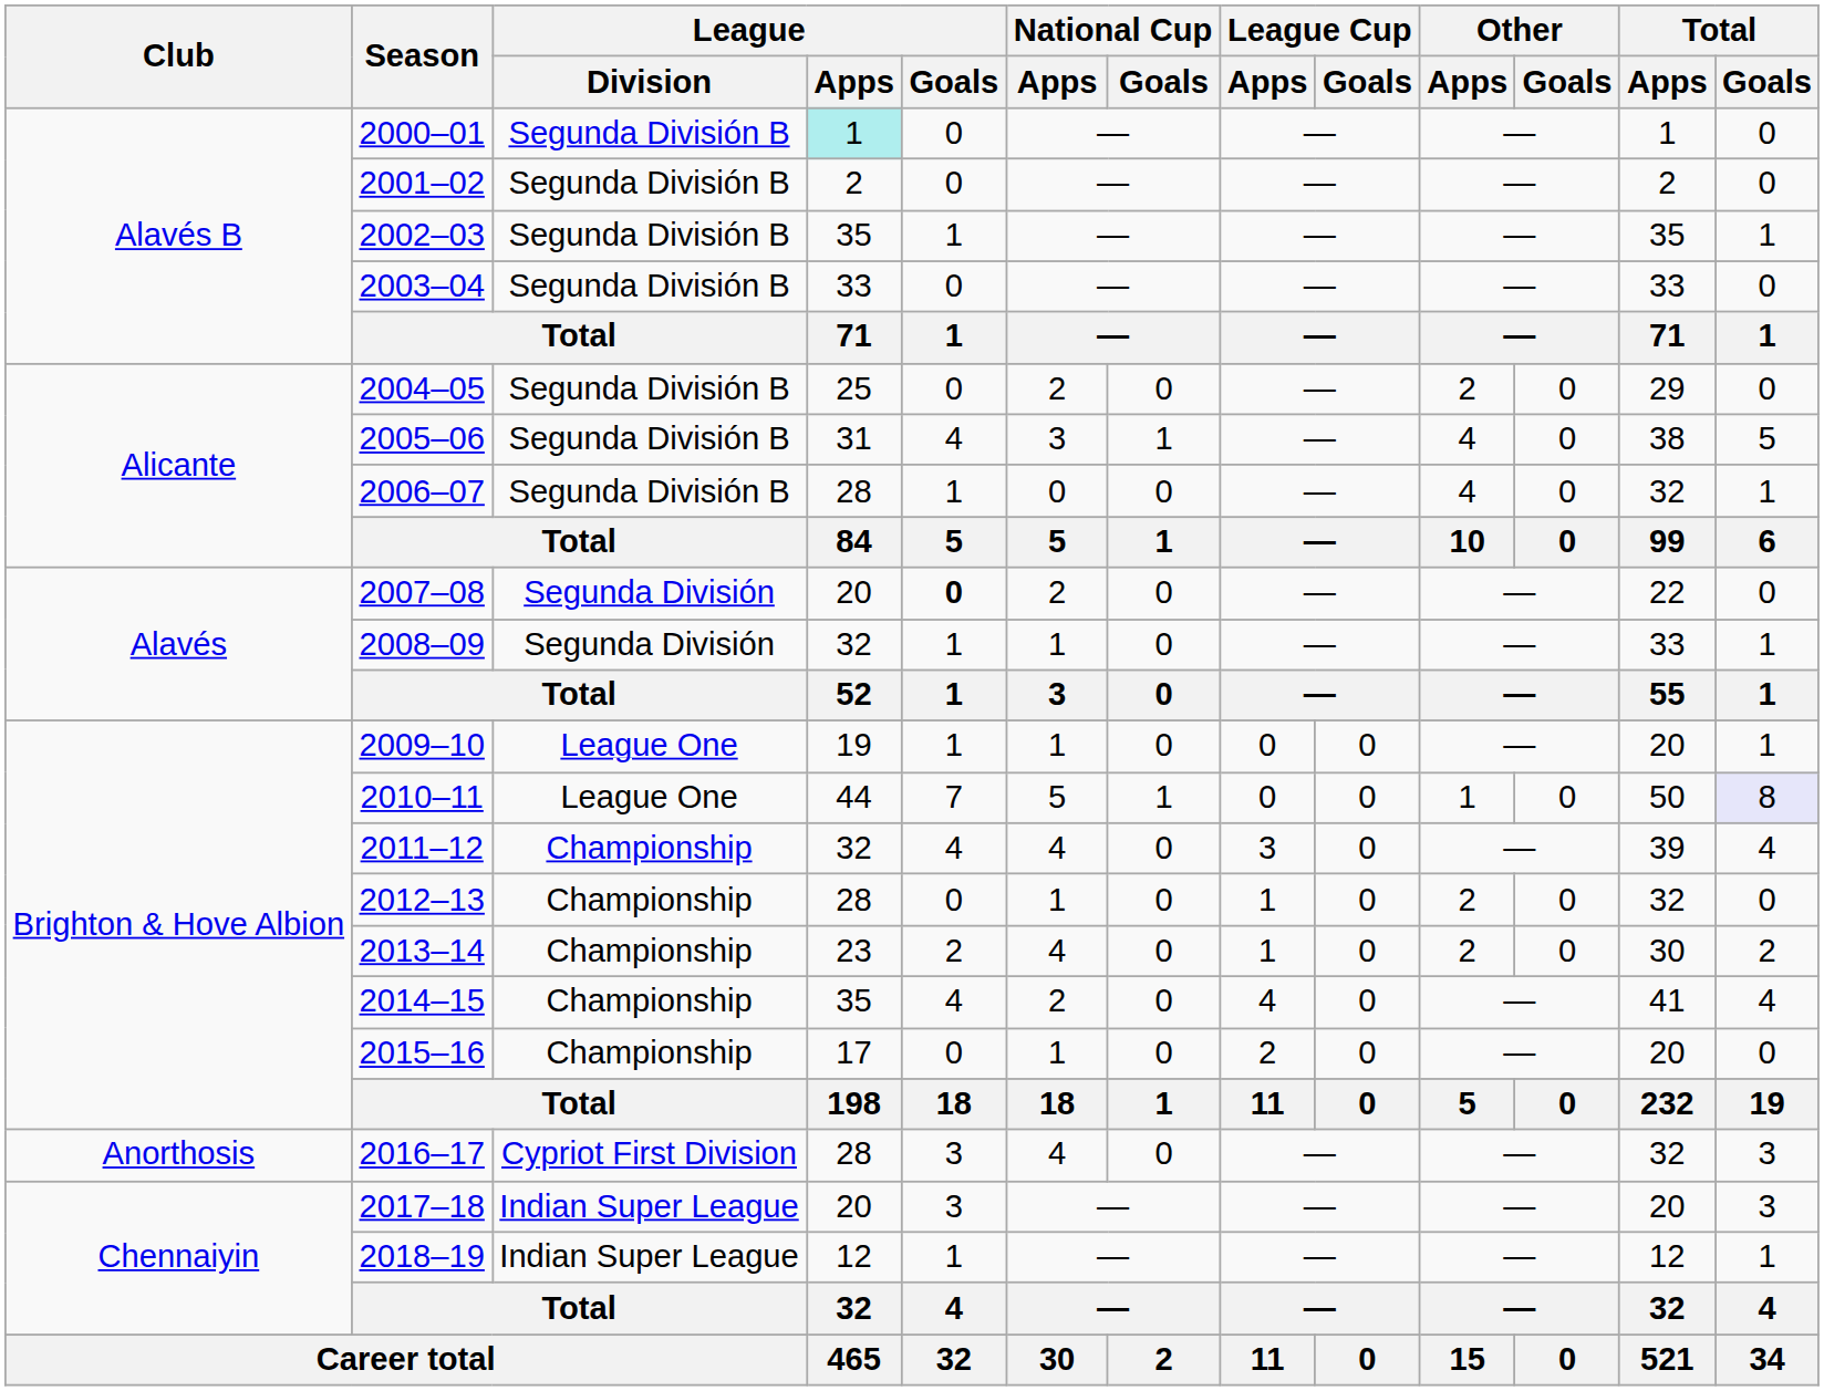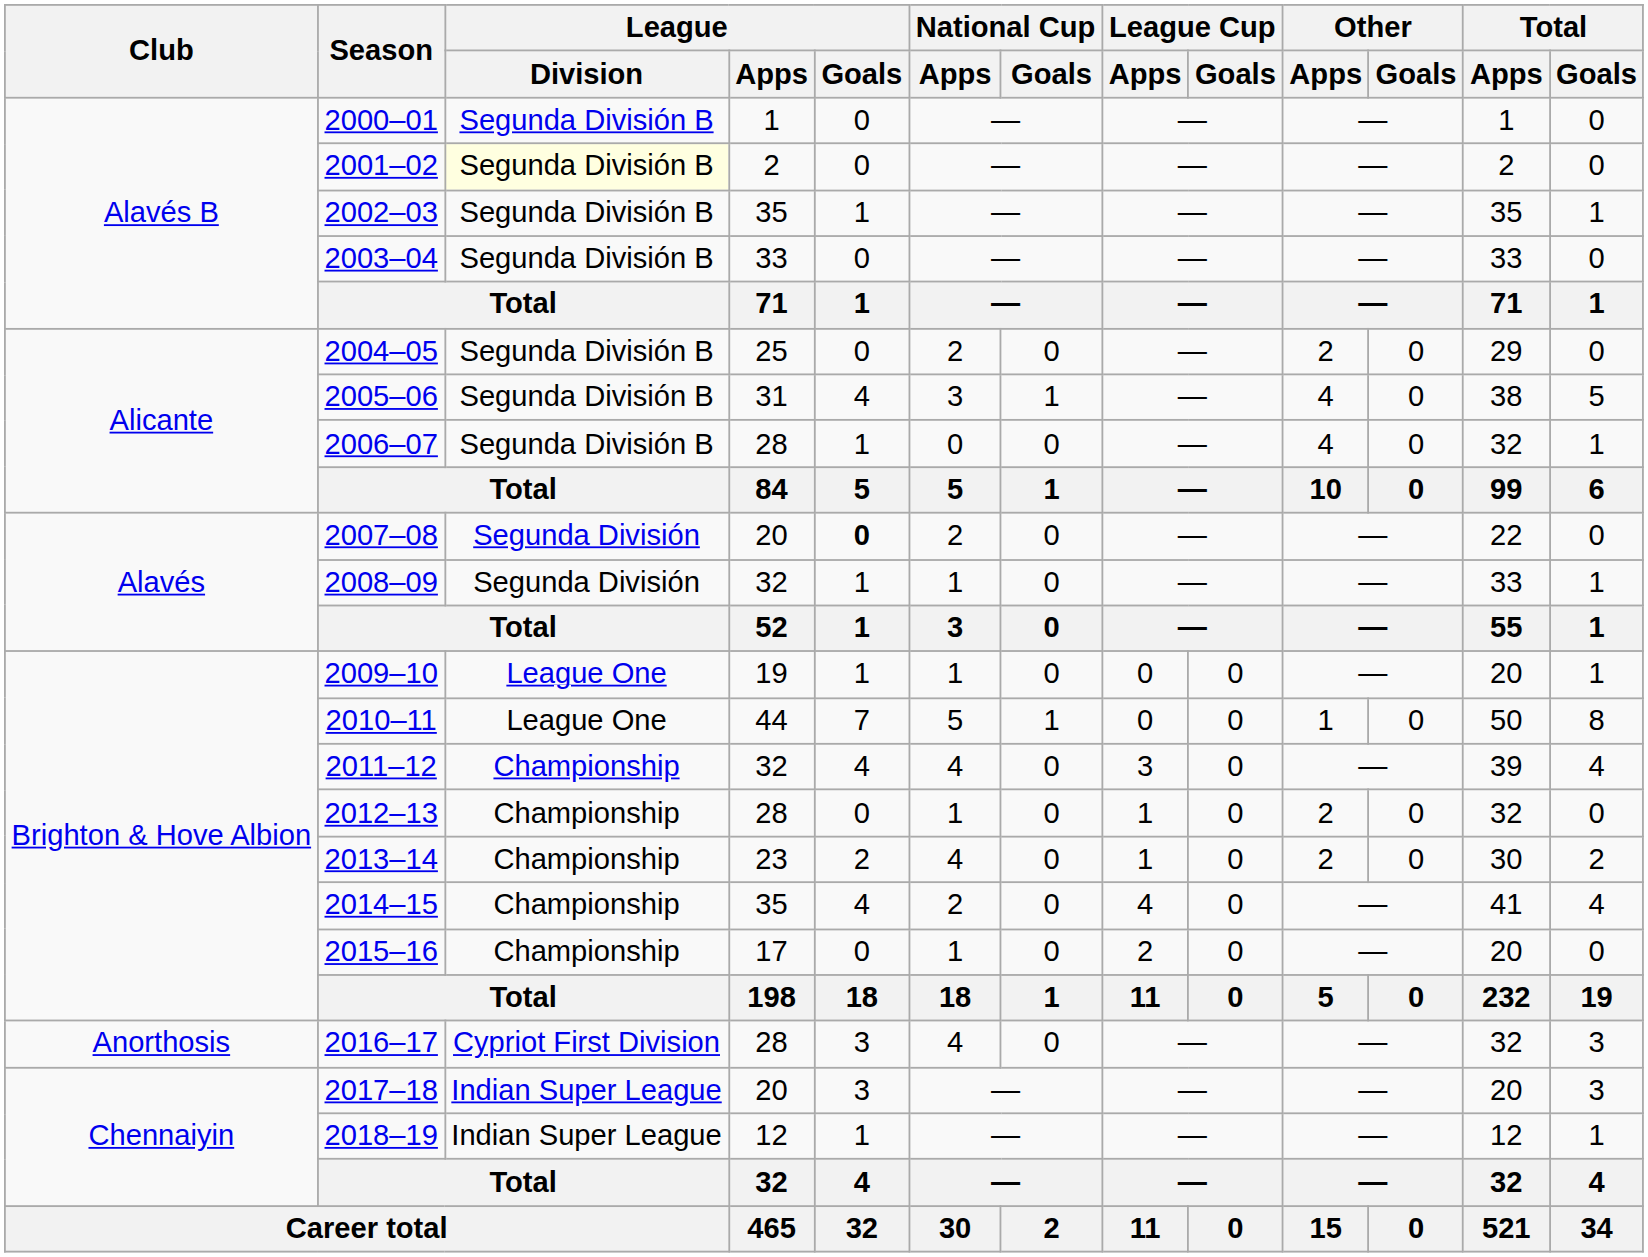 <table class="wikitable" style="text-align:center">
 <tr>
 <th rowspan="2">Club</th>
 <th rowspan="2">Season</th>
 <th colspan="3">League</th>
 <th colspan="2">National Cup</th>
 <th colspan="2">League Cup</th>
 <th colspan="2">Other</th>
 <th colspan="2">Total</th>
 </tr>
 <tr>
 <th>Division</th>
 <th>Apps</th>
 <th>Goals</th>
 <th>Apps</th>
 <th>Goals</th>
 <th>Apps</th>
 <th>Goals</th>
 <th>Apps</th>
 <th>Goals</th>
 <th>Apps</th>
 <th>Goals</th>
 </tr>
 <tr>
 <td rowspan="5"><a href='#'>Alavés B</a></td>
 <td><a href='#'>2000–01</a></td>
 <td><a href='#'>Segunda División B</a></td>
-<td style="background: paleturquoise;">1</td>
+<td>1</td>
 <td>0</td>
 <td colspan="2">—</td>
 <td colspan="2">—</td>
 <td colspan="2">—</td>
 <td>1</td>
 <td>0</td>
 </tr>
 <tr>
 <td><a href='#'>2001–02</a></td>
-<td>Segunda División B</td>
+<td style="background: lightyellow;">Segunda División B</td>
 <td>2</td>
 <td>0</td>
 <td colspan="2">—</td>
 <td colspan="2">—</td>
 <td colspan="2">—</td>
 <td>2</td>
 <td>0</td>
 </tr>
 <tr>
 <td><a href='#'>2002–03</a></td>
 <td>Segunda División B</td>
 <td>35</td>
 <td>1</td>
 <td colspan="2">—</td>
 <td colspan="2">—</td>
 <td colspan="2">—</td>
 <td>35</td>
 <td>1</td>
 </tr>
 <tr>
 <td><a href='#'>2003–04</a></td>
 <td>Segunda División B</td>
 <td>33</td>
 <td>0</td>
 <td colspan="2">—</td>
 <td colspan="2">—</td>
 <td colspan="2">—</td>
 <td>33</td>
 <td>0</td>
 </tr>
 <tr>
 <th colspan="2">Total</th>
 <th>71</th>
 <th>1</th>
 <th colspan="2">—</th>
 <th colspan="2">—</th>
 <th colspan="2">—</th>
 <th>71</th>
 <th>1</th>
 </tr>
 <tr>
 <td rowspan="4"><a href='#'>Alicante</a></td>
 <td><a href='#'>2004–05</a></td>
 <td>Segunda División B</td>
 <td>25</td>
 <td>0</td>
 <td>2</td>
 <td>0</td>
 <td colspan="2">—</td>
 <td>2</td>
 <td>0</td>
 <td>29</td>
 <td>0</td>
 </tr>
 <tr>
 <td><a href='#'>2005–06</a></td>
 <td>Segunda División B</td>
 <td>31</td>
 <td>4</td>
 <td>3</td>
 <td>1</td>
 <td colspan="2">—</td>
 <td>4</td>
 <td>0</td>
 <td>38</td>
 <td>5</td>
 </tr>
 <tr>
 <td><a href='#'>2006–07</a></td>
 <td>Segunda División B</td>
 <td>28</td>
 <td>1</td>
 <td>0</td>
 <td>0</td>
 <td colspan="2">—</td>
 <td>4</td>
 <td>0</td>
 <td>32</td>
 <td>1</td>
 </tr>
 <tr>
 <th colspan="2">Total</th>
 <th>84</th>
 <th>5</th>
 <th>5</th>
 <th>1</th>
 <th colspan="2">—</th>
 <th>10</th>
 <th>0</th>
 <th>99</th>
 <th>6</th>
 </tr>
 <tr>
 <td rowspan="3"><a href='#'>Alavés</a></td>
 <td><a href='#'>2007–08</a></td>
 <td><a href='#'>Segunda División</a></td>
 <td>20</td>
 <td><strong>0</strong></td>
 <td>2</td>
 <td>0</td>
 <td colspan="2">—</td>
 <td colspan="2">—</td>
 <td>22</td>
 <td>0</td>
 </tr>
 <tr>
 <td><a href='#'>2008–09</a></td>
 <td>Segunda División</td>
 <td>32</td>
 <td>1</td>
 <td>1</td>
 <td>0</td>
 <td colspan="2">—</td>
 <td colspan="2">—</td>
 <td>33</td>
 <td>1</td>
 </tr>
 <tr>
 <th colspan="2">Total</th>
 <th>52</th>
 <th>1</th>
 <th>3</th>
 <th>0</th>
 <th colspan="2">—</th>
 <th colspan="2">—</th>
 <th>55</th>
 <th>1</th>
 </tr>
 <tr>
 <td rowspan="8"><a href='#'>Brighton & Hove Albion</a></td>
 <td><a href='#'>2009–10</a></td>
 <td><a href='#'>League One</a></td>
 <td>19</td>
 <td>1</td>
 <td>1</td>
 <td>0</td>
 <td>0</td>
 <td>0</td>
 <td colspan="2">—</td>
 <td>20</td>
 <td>1</td>
 </tr>
 <tr>
 <td><a href='#'>2010–11</a></td>
 <td>League One</td>
 <td>44</td>
 <td>7</td>
 <td>5</td>
 <td>1</td>
 <td>0</td>
 <td>0</td>
 <td>1</td>
 <td>0</td>
 <td>50</td>
-<td style="background: lavender;">8</td>
+<td>8</td>
 </tr>
 <tr>
 <td><a href='#'>2011–12</a></td>
 <td><a href='#'>Championship</a></td>
 <td>32</td>
 <td>4</td>
 <td>4</td>
 <td>0</td>
 <td>3</td>
 <td>0</td>
 <td colspan="2">—</td>
 <td>39</td>
 <td>4</td>
 </tr>
 <tr>
 <td><a href='#'>2012–13</a></td>
 <td>Championship</td>
 <td>28</td>
 <td>0</td>
 <td>1</td>
 <td>0</td>
 <td>1</td>
 <td>0</td>
 <td>2</td>
 <td>0</td>
 <td>32</td>
 <td>0</td>
 </tr>
 <tr>
 <td><a href='#'>2013–14</a></td>
 <td>Championship</td>
 <td>23</td>
 <td>2</td>
 <td>4</td>
 <td>0</td>
 <td>1</td>
 <td>0</td>
 <td>2</td>
 <td>0</td>
 <td>30</td>
 <td>2</td>
 </tr>
 <tr>
 <td><a href='#'>2014–15</a></td>
 <td>Championship</td>
 <td>35</td>
 <td>4</td>
 <td>2</td>
 <td>0</td>
 <td>4</td>
 <td>0</td>
 <td colspan="2">—</td>
 <td>41</td>
 <td>4</td>
 </tr>
 <tr>
 <td><a href='#'>2015–16</a></td>
 <td>Championship</td>
 <td>17</td>
 <td>0</td>
 <td>1</td>
 <td>0</td>
 <td>2</td>
 <td>0</td>
 <td colspan="2">—</td>
 <td>20</td>
 <td>0</td>
 </tr>
 <tr>
 <th colspan="2">Total</th>
 <th>198</th>
 <th>18</th>
 <th>18</th>
 <th>1</th>
 <th>11</th>
 <th>0</th>
 <th>5</th>
 <th>0</th>
 <th>232</th>
 <th>19</th>
 </tr>
 <tr>
 <td><a href='#'>Anorthosis</a></td>
 <td><a href='#'>2016–17</a></td>
 <td><a href='#'>Cypriot First Division</a></td>
 <td>28</td>
 <td>3</td>
 <td>4</td>
 <td>0</td>
 <td colspan="2">—</td>
 <td colspan="2">—</td>
 <td>32</td>
 <td>3</td>
 </tr>
 <tr>
 <td rowspan="3"><a href='#'>Chennaiyin</a></td>
 <td><a href='#'>2017–18</a></td>
 <td><a href='#'>Indian Super League</a></td>
 <td>20</td>
 <td>3</td>
 <td colspan="2">—</td>
 <td colspan="2">—</td>
 <td colspan="2">—</td>
 <td>20</td>
 <td>3</td>
 </tr>
 <tr>
 <td><a href='#'>2018–19</a></td>
 <td>Indian Super League</td>
 <td>12</td>
 <td>1</td>
 <td colspan="2">—</td>
 <td colspan="2">—</td>
 <td colspan="2">—</td>
 <td>12</td>
 <td>1</td>
 </tr>
 <tr>
 <th colspan="2">Total</th>
 <th>32</th>
 <th>4</th>
 <th colspan="2">—</th>
 <th colspan="2">—</th>
 <th colspan="2">—</th>
 <th>32</th>
 <th><strong>4</strong></th>
 </tr>
 <tr>
 <th colspan="3">Career total</th>
 <th>465</th>
 <th>32</th>
 <th>30</th>
 <th>2</th>
 <th>11</th>
 <th>0</th>
 <th>15</th>
 <th>0</th>
 <th>521</th>
 <th>34</th>
 </tr>
 </table>
